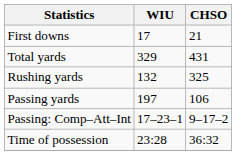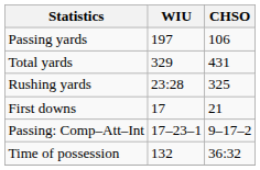 <table class="wikitable" style="float: left;">
 <tr>
 <th>Statistics</th>
 <th>WIU</th>
 <th>CHSO</th>
 </tr>
 <tr>
-<td>First downs</td>
-<td>17</td>
-<td>21</td>
+<td>Passing yards</td>
+<td>197</td>
+<td>106</td>
 </tr>
 <tr>
 <td>Total yards</td>
 <td>329</td>
 <td>431</td>
 </tr>
 <tr>
 <td>Rushing yards</td>
-<td>132</td>
+<td>23:28</td>
 <td>325</td>
 </tr>
 <tr>
-<td>Passing yards</td>
-<td>197</td>
-<td>106</td>
+<td>First downs</td>
+<td>17</td>
+<td>21</td>
 </tr>
 <tr>
 <td>Passing: Comp–Att–Int</td>
 <td>17–23–1</td>
 <td>9–17–2</td>
 </tr>
 <tr>
 <td>Time of possession</td>
-<td>23:28</td>
+<td>132</td>
 <td>36:32</td>
 </tr>
 <tr>
 </tr>
 </table>
